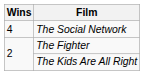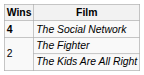 <table class="wikitable">
 <tr>
 <th>Wins</th>
 <th>Film</th>
 </tr>
 <tr>
-<td>4</td>
+<td><strong>4</strong></td>
 <td><em>The Social Network</em></td>
 </tr>
 <tr>
 <td rowspan="2">2</td>
 <td><em>The Fighter</em></td>
 </tr>
 <tr>
 <td><em>The Kids Are All Right</em></td>
 </tr>
 </table>
